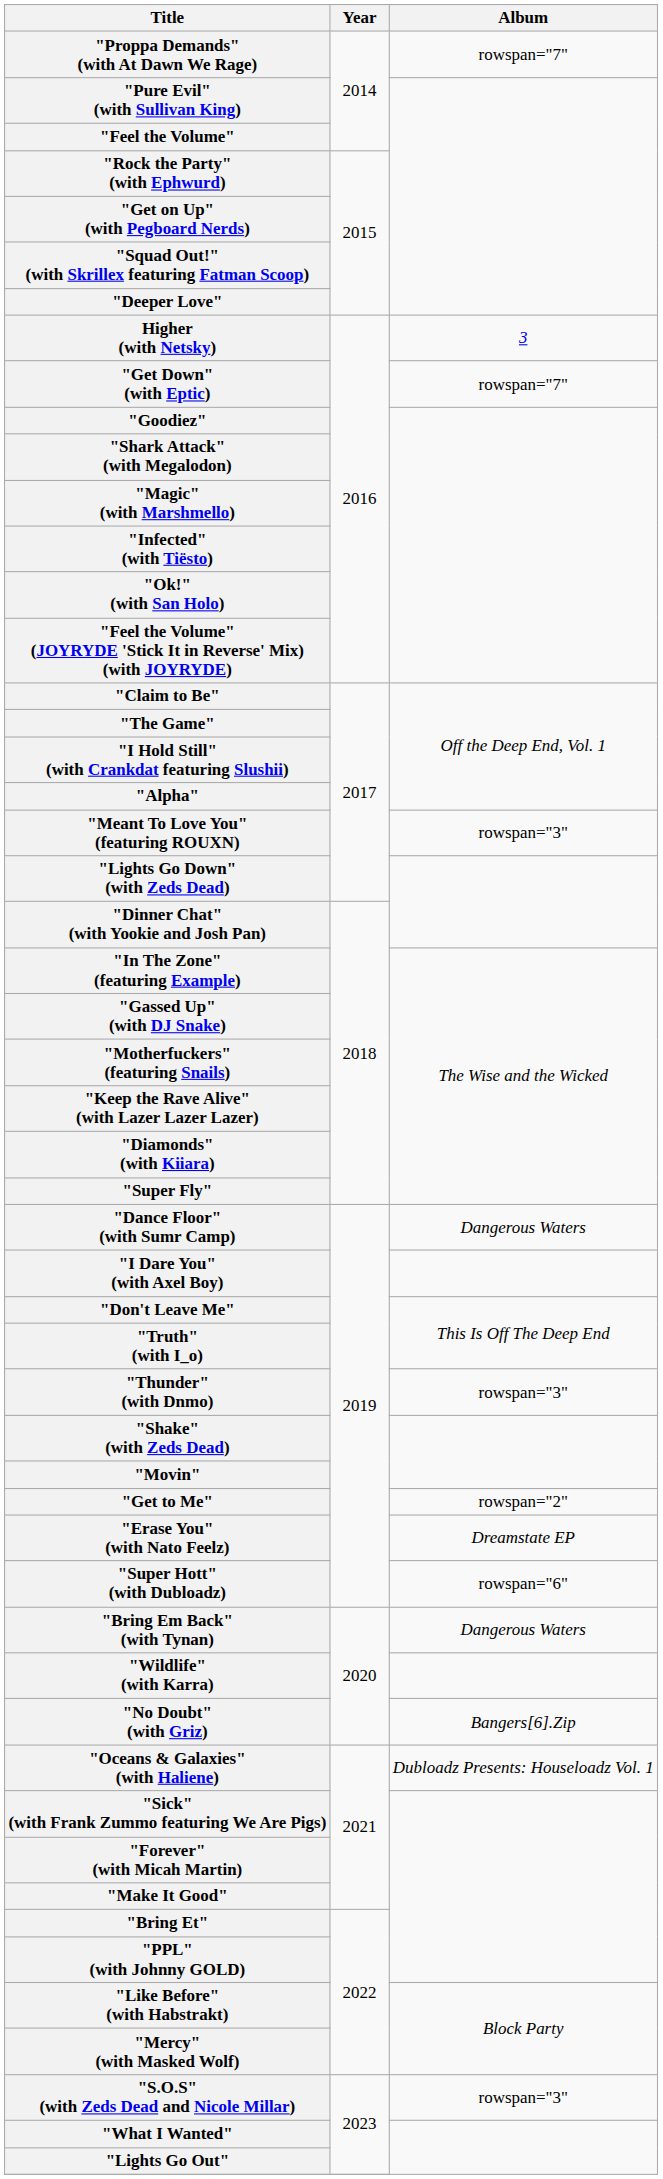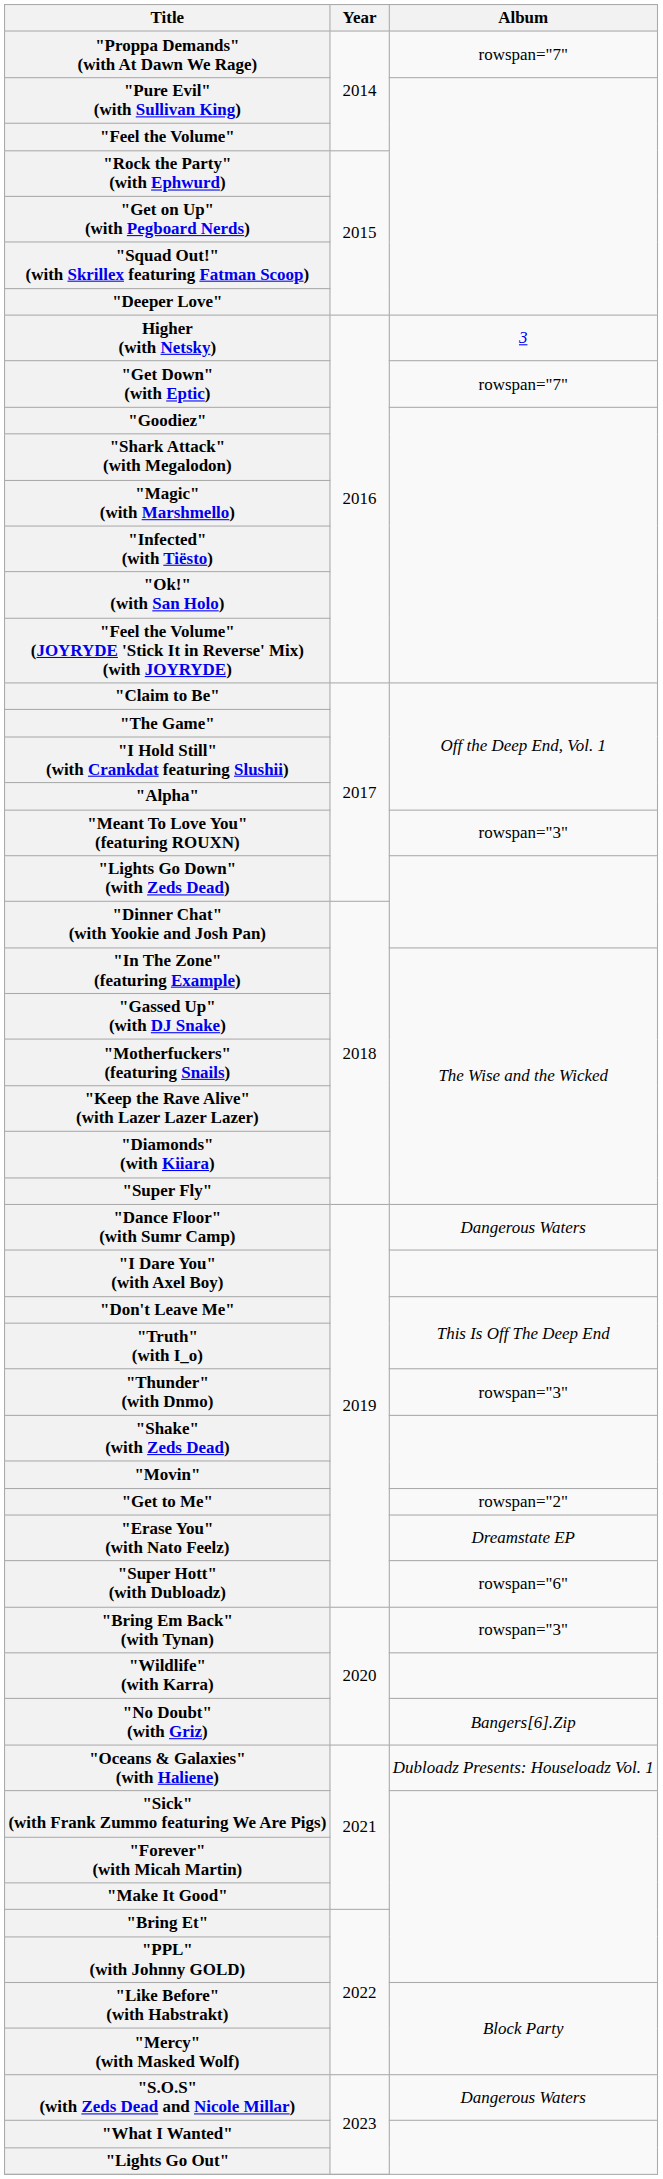 <table class="wikitable plainrowheaders" style="text-align:center;">
 <tr>
 <th scope="col">Title</th>
 <th scope="col" style="width:3em;">Year</th>
 <th>Album</th>
 </tr>
 <tr>
 <th scope="row">"Proppa Demands"<br><span>(with At Dawn We Rage)</span></th>
 <td rowspan="3">2014</td>
 <td>rowspan="7" </td>
 </tr>
 <tr>
 <th scope="row">"Pure Evil"<br><span>(with <a href='#'>Sullivan King</a>)</span></th>
 </tr>
 <tr>
 <th scope="row">"Feel the Volume"</th>
 </tr>
 <tr>
 <th scope="row">"Rock the Party"<br><span>(with <a href='#'>Ephwurd</a>)</span></th>
 <td rowspan="4">2015</td>
 </tr>
 <tr>
 <th scope="row">"Get on Up"<br><span>(with <a href='#'>Pegboard Nerds</a>)</span></th>
 </tr>
 <tr>
 <th scope="row">"Squad Out!"<br><span>(with <a href='#'>Skrillex</a> featuring <a href='#'>Fatman Scoop</a>)</span></th>
 </tr>
 <tr>
 <th scope="row">"Deeper Love"</th>
 </tr>
 <tr>
 <th scope="row">Higher<br><span>(with <a href='#'>Netsky</a>)</span></th>
 <td rowspan="8">2016</td>
 <td><em><a href='#'>3</a></em></td>
 </tr>
 <tr>
 <th scope="row">"Get Down"<br><span>(with <a href='#'>Eptic</a>)</span></th>
 <td>rowspan="7" </td>
 </tr>
 <tr>
 <th scope="row">"Goodiez"</th>
 </tr>
 <tr>
 <th scope="row">"Shark Attack"<br><span>(with Megalodon)</span></th>
 </tr>
 <tr>
 <th scope="row">"Magic"<br><span>(with <a href='#'>Marshmello</a>)</span></th>
 </tr>
 <tr>
 <th scope="row">"Infected"<br><span>(with <a href='#'>Tiësto</a>)</span></th>
 </tr>
 <tr>
 <th scope="row">"Ok!"<br><span>(with <a href='#'>San Holo</a>)</span></th>
 </tr>
 <tr>
 <th scope="row">"Feel the Volume" <br>(<a href='#'>JOYRYDE</a> 'Stick It in Reverse' Mix)<br><span>(with <a href='#'>JOYRYDE</a>)</span></th>
 </tr>
 <tr>
 <th scope="row">"Claim to Be"</th>
 <td rowspan="6">2017</td>
 <td rowspan="4"><em>Off the Deep End, Vol. 1</em></td>
 </tr>
 <tr>
 <th scope="row">"The Game"</th>
 </tr>
 <tr>
 <th scope="row">"I Hold Still" <br><span>(with <a href='#'>Crankdat</a> featuring <a href='#'>Slushii</a>)</span></th>
 </tr>
 <tr>
 <th scope="row">"Alpha"</th>
 </tr>
 <tr>
 <th scope="row">"Meant To Love You"<br><span>(featuring ROUXN)</span></th>
 <td>rowspan="3" </td>
 </tr>
 <tr>
 <th scope="row">"Lights Go Down"<br><span>(with <a href='#'>Zeds Dead</a>)</span></th>
 </tr>
 <tr>
 <th scope="row">"Dinner Chat"<br><span>(with Yookie and Josh Pan)</span></th>
 <td rowspan="7">2018</td>
 </tr>
 <tr>
 <th scope="row">"In The Zone"<br><span>(featuring <a href='#'>Example</a>)</span></th>
 <td rowspan="6"><em>The Wise and the Wicked</em></td>
 </tr>
 <tr>
 <th scope="row">"Gassed Up" <br><span>(with <a href='#'>DJ Snake</a>)</span></th>
 </tr>
 <tr>
 <th scope="row">"Motherfuckers" <br><span>(featuring <a href='#'>Snails</a>)</span></th>
 </tr>
 <tr>
 <th scope="row">"Keep the Rave Alive" <br><span>(with Lazer Lazer Lazer)</span></th>
 </tr>
 <tr>
 <th scope="row">"Diamonds" <br><span>(with <a href='#'>Kiiara</a>)</span></th>
 </tr>
 <tr>
 <th scope="row">"Super Fly"</th>
 </tr>
 <tr>
 <th scope="row">"Dance Floor" <br><span>(with Sumr Camp)</span></th>
 <td rowspan="10">2019</td>
 <td><em>Dangerous Waters</em></td>
 </tr>
 <tr>
 <th scope="row">"I Dare You" <br><span>(with Axel Boy)</span></th>
 </tr>
 <tr>
 <th scope="row">"Don't Leave Me"</th>
 <td rowspan="2"><em>This Is Off The Deep End</em></td>
 </tr>
 <tr>
 <th scope="row">"Truth" <br><span>(with I_o)</span></th>
 </tr>
 <tr>
 <th scope="row">"Thunder" <br><span>(with Dnmo)</span></th>
 <td>rowspan="3" </td>
 </tr>
 <tr>
 <th scope="row">"Shake" <br><span>(with <a href='#'>Zeds Dead</a>)</span></th>
 </tr>
 <tr>
 <th scope="row">"Movin"</th>
 </tr>
 <tr>
 <th scope="row">"Get to Me"</th>
 <td>rowspan="2" </td>
 </tr>
 <tr>
 <th scope="row">"Erase You" <br><span>(with Nato Feelz)</span></th>
 <td><em>Dreamstate EP</em></td>
 </tr>
 <tr>
 <th scope="row">"Super Hott" <br><span>(with Dubloadz)</span></th>
 <td>rowspan="6" </td>
 </tr>
 <tr>
 <th scope="row">"Bring Em Back" <br><span>(with Tynan)</span></th>
 <td rowspan="3">2020</td>
-<td><em>Dangerous Waters</em></td>
+<td>rowspan="3" </td>
 </tr>
 <tr>
 <th scope="row">"Wildlife" <br><span>(with Karra)</span></th>
 <td></td>
 </tr>
 <tr>
 <th scope="row">"No Doubt" <br><span>(with <a href='#'>Griz</a>)</span></th>
 <td><em>Bangers[6].Zip</em></td>
 </tr>
 <tr>
 <th scope="row">"Oceans & Galaxies" <br><span>(with <a href='#'>Haliene</a>)</span></th>
 <td rowspan="4">2021</td>
 <td><em>Dubloadz Presents: Houseloadz Vol. 1</em></td>
 </tr>
 <tr>
 <th scope="row">"Sick" <br><span>(with Frank Zummo featuring We Are Pigs)</span></th>
 </tr>
 <tr>
 <th scope="row">"Forever" <br><span>(with Micah Martin)</span></th>
 </tr>
 <tr>
 <th scope="row">"Make It Good"</th>
 </tr>
 <tr>
 <th scope="row">"Bring Et"</th>
 <td rowspan="4">2022</td>
 </tr>
 <tr>
 <th scope="row">"PPL" <br><span>(with Johnny GOLD)</span></th>
 </tr>
 <tr>
 <th scope="row">"Like Before" <br><span>(with Habstrakt)</span></th>
 <td rowspan="2"><em>Block Party</em></td>
 </tr>
 <tr>
 <th scope="row">"Mercy" <br><span>(with Masked Wolf)</span></th>
 </tr>
 <tr>
 <th scope="row">"S.O.S" <br><span>(with <a href='#'>Zeds Dead</a> and <a href='#'>Nicole Millar</a>)</span></th>
 <td rowspan="3">2023</td>
-<td>rowspan="3" </td>
+<td><em>Dangerous Waters</em></td>
 </tr>
 <tr>
 <th scope="row">"What I Wanted"</th>
 </tr>
 <tr>
 <th scope="row">"Lights Go Out"</th>
 </tr>
 <tr>
 </tr>
 </table>
